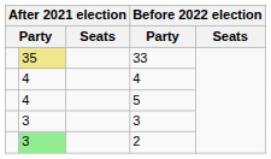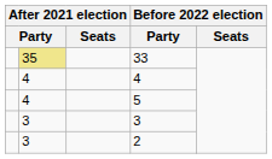 <table class="wikitable">
 <tr>
 <th colspan="3">After 2021 election</th>
 <th colspan="3">Before 2022 election</th>
 </tr>
 <tr>
 <th colspan="2">Party</th>
 <th>Seats</th>
 <th colspan="2">Party</th>
 <th>Seats</th>
 </tr>
 <tr>
 <td></td>
 <td style="background: khaki;">35</td>
 <td></td>
 <td>33</td>
 </tr>
 <tr>
 <td></td>
 <td>4</td>
 <td></td>
 <td>4</td>
 </tr>
 <tr>
 <td></td>
 <td>4</td>
 <td></td>
 <td>5</td>
 </tr>
 <tr>
 <td></td>
 <td>3</td>
 <td></td>
 <td>3</td>
 </tr>
 <tr>
 <td></td>
-<td style="background: lightgreen;">3</td>
+<td>3</td>
 <td></td>
 <td>2</td>
 </tr>
 </table>
